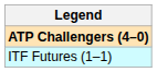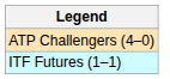 <table class=wikitable style=font-size:90%>
 <tr>
 <th>Legend</th>
 </tr>
 <tr style=background:moccasin>
-<td><strong>ATP Challengers (4–0)</strong></td>
+<td>ATP Challengers (4–0)</td>
 </tr>
 <tr style=background:#cffcff>
 <td>ITF Futures (1–1)</td>
 </tr>
 </table>
